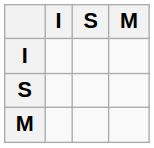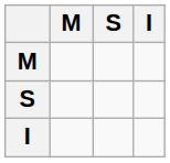 <table class=wikitable style=text-align:center>
 <tr>
 <th></th>
+<th> M </th>
+<th> S </th>
 <th> I </th>
-<th> S </th>
-<th> M </th>
 </tr>
 <tr>
-<th> I </th>
+<th> M </th>
 <td></td>
 <td></td>
 <td></td>
 </tr>
 <tr>
 <th> S </th>
 <td></td>
 <td></td>
 <td></td>
 </tr>
 <tr>
-<th> M </th>
+<th> I </th>
 <td></td>
 <td></td>
 <td></td>
 </tr>
 </table>
